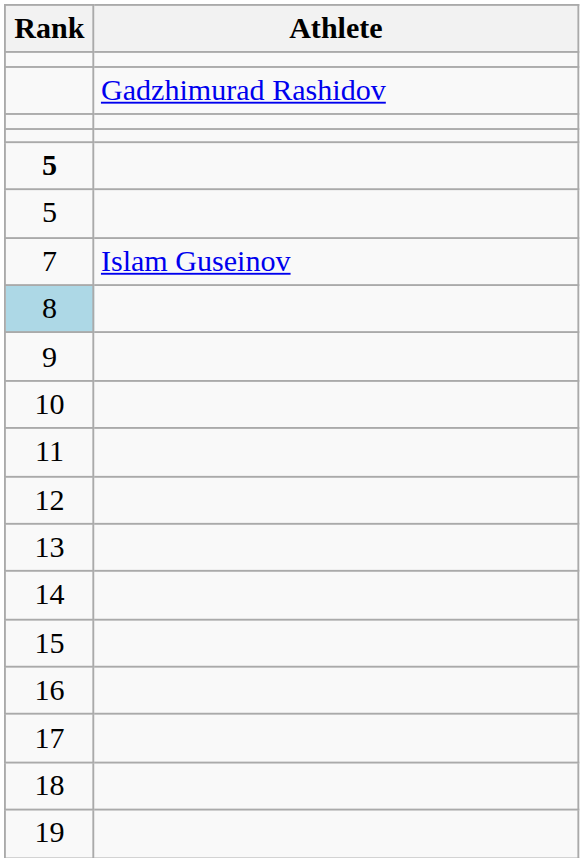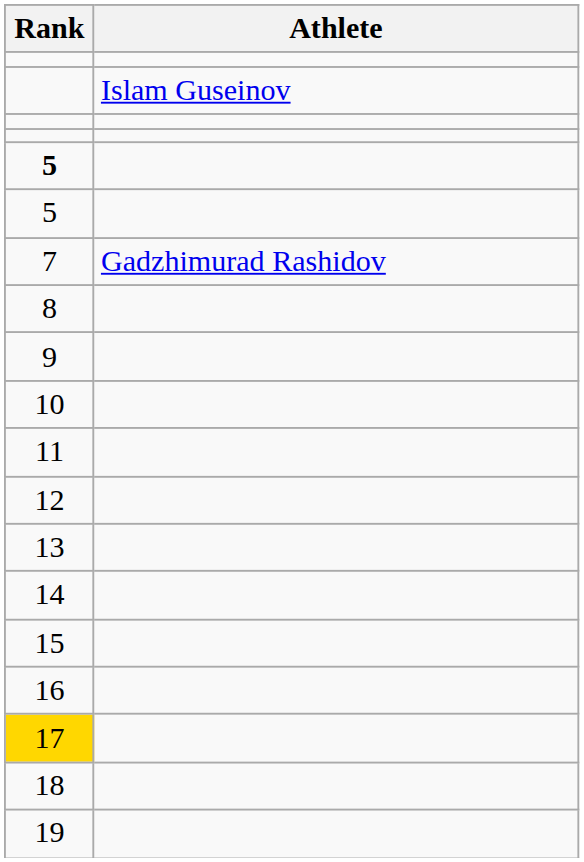 <table class="wikitable" style="text-align: center;">
 <tr>
 <th width=40>Rank</th>
 <th width=250>Athlete</th>
 </tr>
 <tr>
 <td></td>
 <td align="left"></td>
 </tr>
 <tr>
 <td></td>
-<td align="left"> <a href='#'>Gadzhimurad Rashidov</a> </td>
+<td align="left"> <a href='#'>Islam Guseinov</a> </td>
 </tr>
 <tr>
 <td></td>
 <td align="left"></td>
 </tr>
 <tr>
 <td></td>
 <td align="left"></td>
 </tr>
 <tr>
 <td><strong>5</strong></td>
 <td align="left"></td>
 </tr>
 <tr>
 <td>5</td>
 <td align="left"></td>
 </tr>
 <tr>
 <td>7</td>
-<td align="left"> <a href='#'>Islam Guseinov</a> </td>
+<td align="left"> <a href='#'>Gadzhimurad Rashidov</a> </td>
 </tr>
 <tr>
-<td style="background: lightblue;">8</td>
+<td>8</td>
 <td align="left"></td>
 </tr>
 <tr>
 <td>9</td>
 <td align="left"></td>
 </tr>
 <tr>
 <td>10</td>
 <td align="left"></td>
 </tr>
 <tr>
 <td>11</td>
 <td align="left"></td>
 </tr>
 <tr>
 <td>12</td>
 <td align="left"></td>
 </tr>
 <tr>
 <td>13</td>
 <td align="left"></td>
 </tr>
 <tr>
 <td>14</td>
 <td align="left"></td>
 </tr>
 <tr>
 <td>15</td>
 <td align="left"></td>
 </tr>
 <tr>
 <td>16</td>
 <td align="left"></td>
 </tr>
 <tr>
-<td>17</td>
+<td style="background: gold;">17</td>
 <td align="left"></td>
 </tr>
 <tr>
 <td>18</td>
 <td align="left"></td>
 </tr>
 <tr>
 <td>19</td>
 <td align="left"></td>
 </tr>
 </table>
